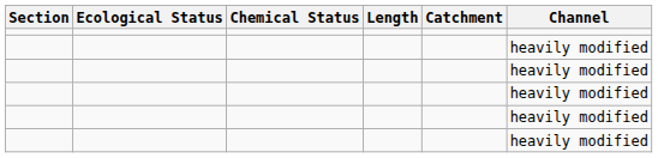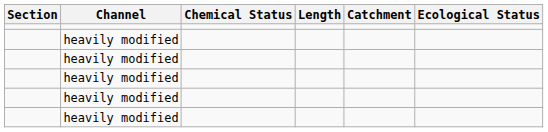 <table class="wikitable">
 <tr>
 <th>Section</th>
-<th>Ecological Status</th>
+<th>Channel</th>
 <th>Chemical Status</th>
 <th>Length</th>
 <th>Catchment</th>
-<th>Channel</th>
+<th>Ecological Status</th>
 </tr>
 <tr>
 <td></td>
 <td></td>
 <td></td>
 <td></td>
 <td></td>
 <td></td>
 </tr>
 <tr>
 <td></td>
+<td>heavily modified</td>
 <td></td>
 <td></td>
 <td></td>
 <td></td>
-<td>heavily modified</td>
 </tr>
 <tr>
+<td></td>
+<td>heavily modified</td>
 <td></td>
 <td></td>
 <td></td>
 <td></td>
+</tr>
+<tr>
 <td></td>
 <td>heavily modified</td>
-</tr>
-<tr>
 <td></td>
 <td></td>
 <td></td>
 <td></td>
+</tr>
+<tr>
 <td></td>
 <td>heavily modified</td>
-</tr>
-<tr>
 <td></td>
 <td></td>
 <td></td>
 <td></td>
+</tr>
+<tr>
 <td></td>
 <td>heavily modified</td>
-</tr>
-<tr>
 <td></td>
 <td></td>
 <td></td>
 <td></td>
-<td></td>
-<td>heavily modified</td>
 </tr>
 </table>
